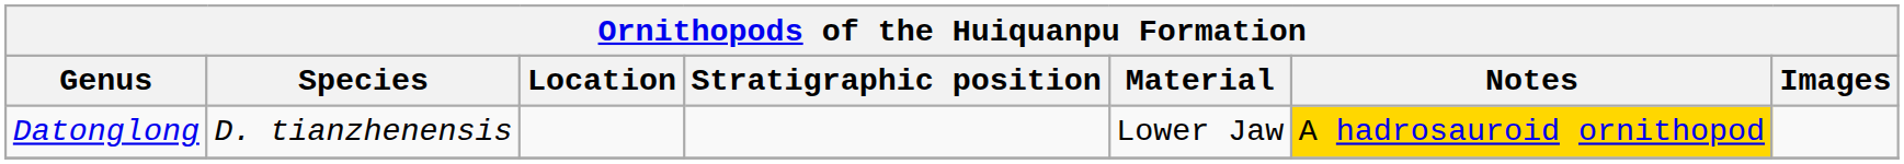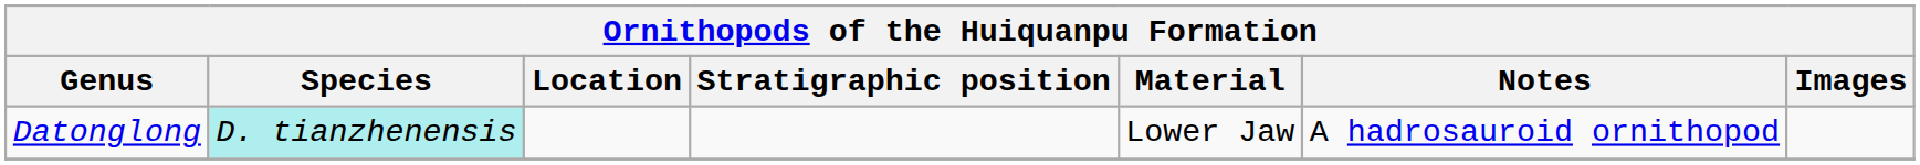 <table class="wikitable" align="center">
 <tr>
 <th colspan="7" align="center"><a href='#'>Ornithopods</a> of the Huiquanpu Formation</th>
 </tr>
 <tr>
 <th>Genus</th>
 <th>Species</th>
 <th>Location</th>
 <th>Stratigraphic position</th>
 <th>Material</th>
 <th>Notes</th>
 <th>Images</th>
 </tr>
 <tr>
 <td><em><a href='#'>Datonglong</a></em></td>
-<td><em>D. tianzhenensis</em></td>
+<td style="background: paleturquoise;"><em>D. tianzhenensis</em></td>
 <td></td>
 <td></td>
 <td>Lower Jaw</td>
-<td style="background: gold;">A <a href='#'>hadrosauroid</a> <a href='#'>ornithopod</a></td>
+<td>A <a href='#'>hadrosauroid</a> <a href='#'>ornithopod</a></td>
 <td></td>
 </tr>
 <tr>
 </tr>
 </table>
